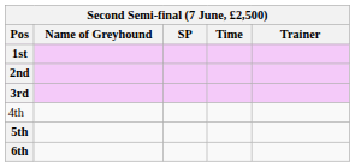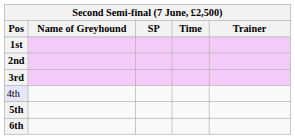 <table class="wikitable">
 <tr>
 <th colspan="6">Second Semi-final (7 June, £2,500)</th>
 </tr>
 <tr>
 <th width=30>Pos</th>
 <th width=160>Name of Greyhound</th>
 <th width=50>SP</th>
 <th width=50>Time</th>
 <th width=120>Trainer</th>
 </tr>
 <tr style="background: #f4caf9;">
 <th>1st</th>
 <td></td>
 <td></td>
 <td></td>
 <td></td>
 </tr>
 <tr style="background: #f4caf9;">
 <th>2nd</th>
 <td></td>
 <td></td>
 <td></td>
 <td></td>
 </tr>
 <tr style="background: #f4caf9;">
 <th>3rd</th>
 <td></td>
 <td></td>
 <td></td>
 <td></td>
 </tr>
 <tr>
-<td>4th</td>
+<td style="background: lavender;">4th</td>
 <td></td>
 <td></td>
 <td></td>
 <td></td>
 </tr>
 <tr>
 <th>5th</th>
 <td></td>
 <td></td>
 <td></td>
 <td></td>
 </tr>
 <tr>
 <th>6th</th>
 <td></td>
 <td></td>
 <td></td>
 <td></td>
 </tr>
 </table>
